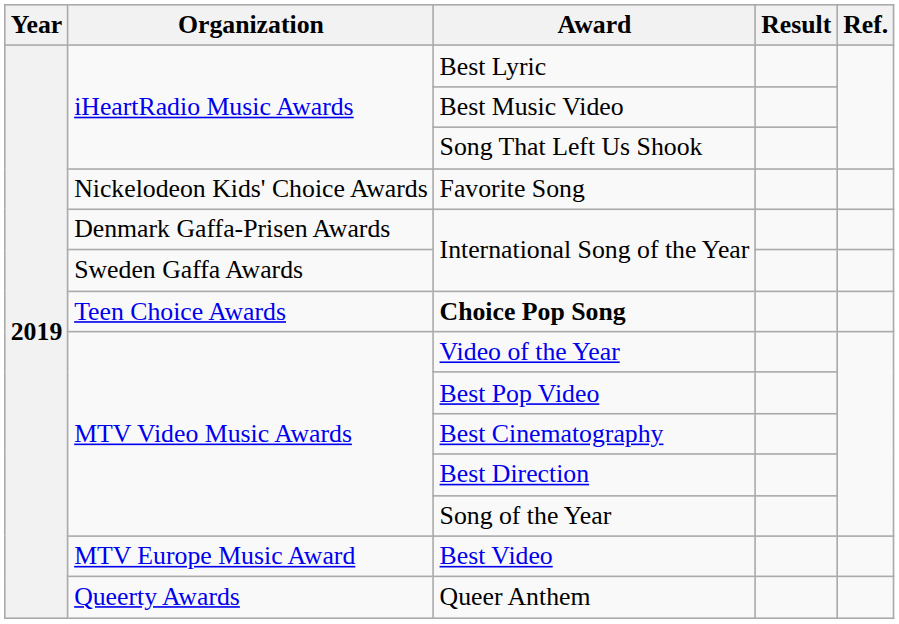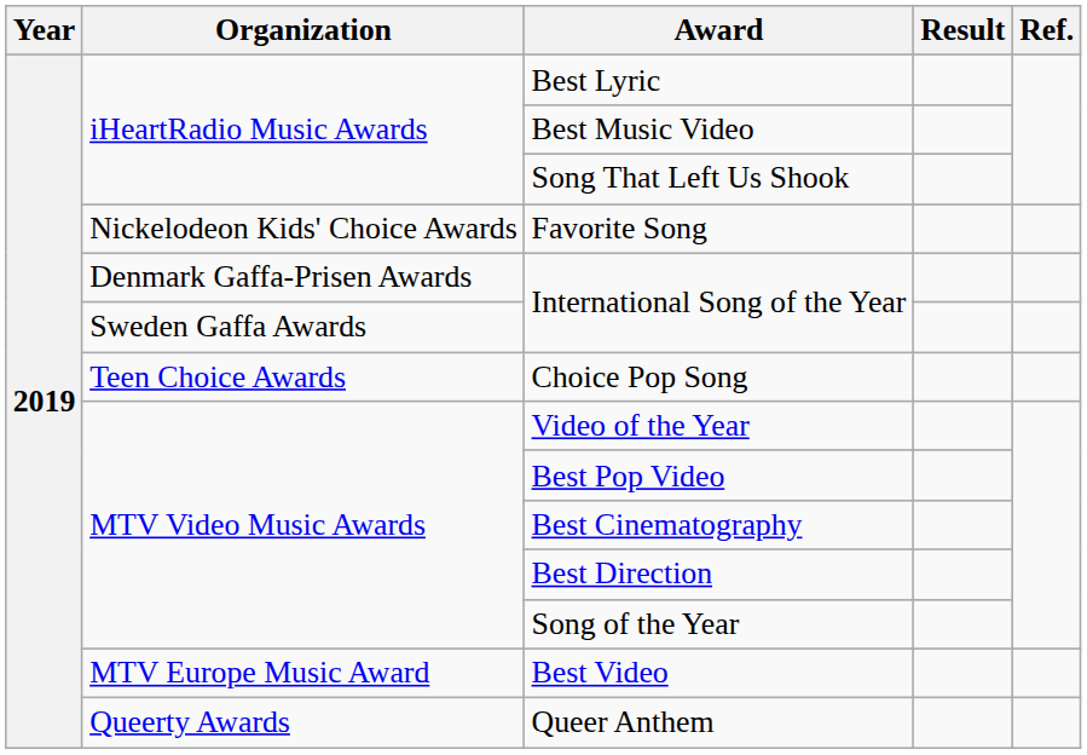 <table class="wikitable plainrowheaders">
 <tr>
 <th>Year</th>
 <th>Organization</th>
 <th>Award</th>
 <th>Result</th>
 <th>Ref.</th>
 </tr>
 <tr>
 <th rowspan="14" scope="row">2019</th>
 <td rowspan="3"><a href='#'>iHeartRadio Music Awards</a></td>
 <td>Best Lyric</td>
 <td></td>
 <td rowspan="3" style="text-align:center;"></td>
 </tr>
 <tr>
 <td>Best Music Video</td>
 <td></td>
 </tr>
 <tr>
 <td>Song That Left Us Shook</td>
 <td></td>
 </tr>
 <tr>
 <td>Nickelodeon Kids' Choice Awards</td>
 <td>Favorite Song</td>
 <td></td>
 <td style="text-align:center;"></td>
 </tr>
 <tr>
 <td>Denmark Gaffa-Prisen Awards</td>
 <td rowspan="2">International Song of the Year</td>
 <td></td>
 <td style="text-align:center;"></td>
 </tr>
 <tr>
 <td>Sweden Gaffa Awards</td>
 <td></td>
 <td style="text-align:center;"></td>
 </tr>
 <tr>
 <td><a href='#'>Teen Choice Awards</a></td>
-<td><strong>Choice Pop Song</strong></td>
+<td>Choice Pop Song</td>
 <td></td>
 <td style="text-align:center;"></td>
 </tr>
 <tr>
 <td rowspan="5"><a href='#'>MTV Video Music Awards</a></td>
 <td><a href='#'>Video of the Year</a></td>
 <td></td>
 <td rowspan="5" style="text-align:center;"></td>
 </tr>
 <tr>
 <td><a href='#'>Best Pop Video</a></td>
 <td></td>
 </tr>
 <tr>
 <td><a href='#'>Best Cinematography</a></td>
 <td></td>
 </tr>
 <tr>
 <td><a href='#'>Best Direction</a></td>
 <td></td>
 </tr>
 <tr>
 <td>Song of the Year</td>
 <td></td>
 </tr>
 <tr>
 <td><a href='#'>MTV Europe Music Award</a></td>
 <td><a href='#'>Best Video</a></td>
 <td></td>
 <td style="text-align:center;"></td>
 </tr>
 <tr>
 <td><a href='#'>Queerty Awards</a></td>
 <td>Queer Anthem</td>
 <td></td>
 <td style="text-align:center;"></td>
 </tr>
 </table>
